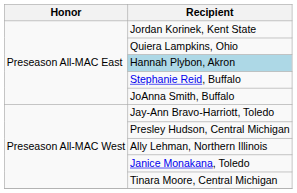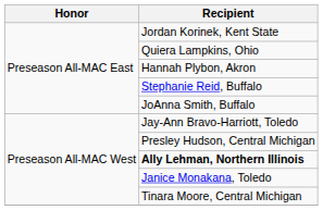 <table class="wikitable" border="1">
 <tr>
 <th>Honor</th>
 <th>Recipient</th>
 </tr>
 <tr>
 <td rowspan=5 valign=middle>Preseason All-MAC East</td>
 <td>Jordan Korinek, Kent State</td>
 </tr>
 <tr>
 <td>Quiera Lampkins, Ohio</td>
 </tr>
 <tr>
-<td style="background: lightblue;">Hannah Plybon, Akron</td>
+<td>Hannah Plybon, Akron</td>
 </tr>
 <tr>
 <td><a href='#'>Stephanie Reid</a>, Buffalo</td>
 </tr>
 <tr>
 <td>JoAnna Smith, Buffalo</td>
 </tr>
 <tr>
 <td rowspan=5 valign=middle>Preseason All-MAC West</td>
 <td>Jay-Ann Bravo-Harriott, Toledo</td>
 </tr>
 <tr>
 <td>Presley Hudson, Central Michigan</td>
 </tr>
 <tr>
-<td>Ally Lehman, Northern Illinois</td>
+<td><strong>Ally Lehman, Northern Illinois</strong></td>
 </tr>
 <tr>
 <td><a href='#'>Janice Monakana</a>, Toledo</td>
 </tr>
 <tr>
 <td>Tinara Moore, Central Michigan</td>
 </tr>
 <tr>
 </tr>
 </table>
